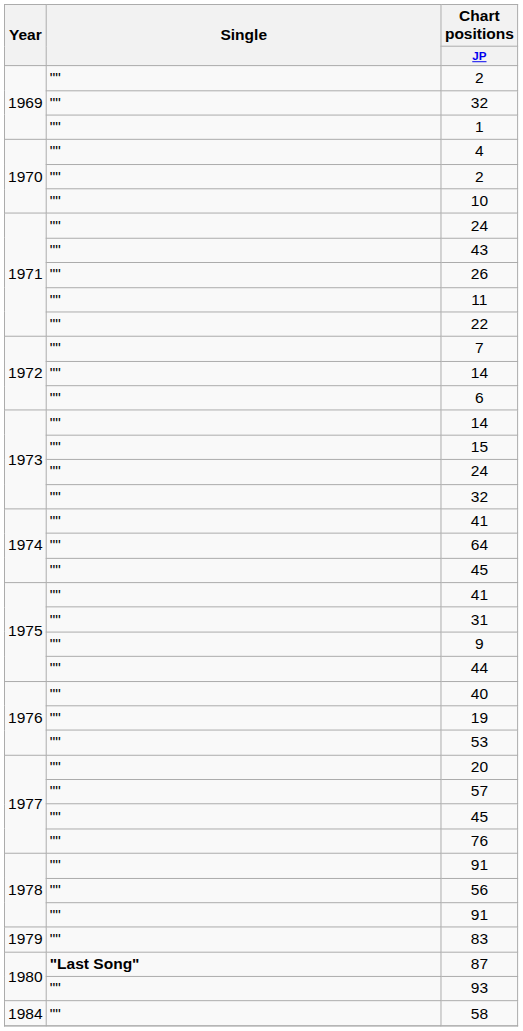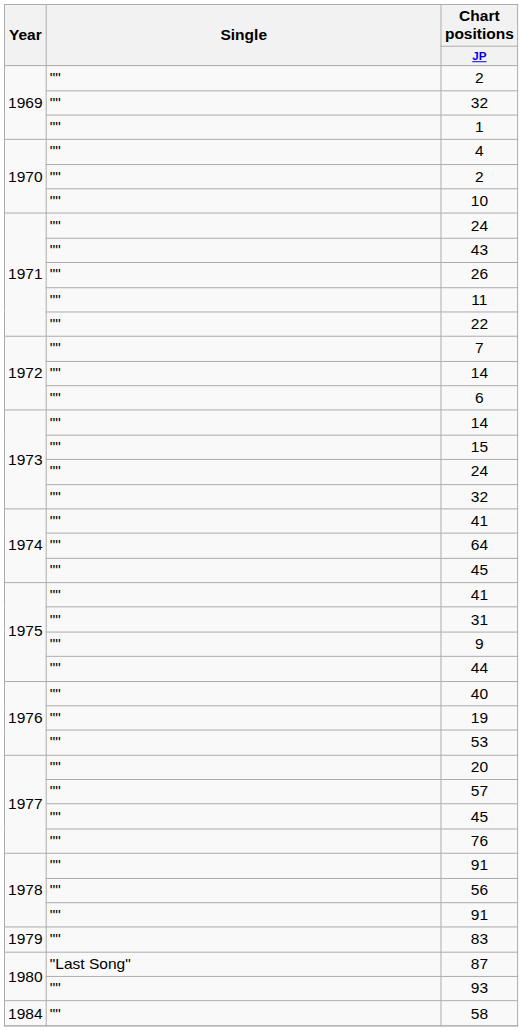 <table class="wikitable">
 <tr>
 <th rowspan="2">Year</th>
 <th rowspan="2" width="400">Single</th>
 <th colspan="1">Chart positions</th>
 </tr>
 <tr>
 <th style="width:2em;font-size:75%"><a href='#'>JP</a><br></th>
 </tr>
 <tr>
 <td rowspan="3">1969</td>
 <td>""</td>
 <td align="center">2</td>
 </tr>
 <tr>
 <td>""</td>
 <td align="center">32</td>
 </tr>
 <tr>
 <td>""</td>
 <td align="center">1</td>
 </tr>
 <tr>
 <td rowspan="3">1970</td>
 <td>""</td>
 <td align="center">4</td>
 </tr>
 <tr>
 <td>""</td>
 <td align="center">2</td>
 </tr>
 <tr>
 <td>""</td>
 <td align="center">10</td>
 </tr>
 <tr>
 <td rowspan="5">1971</td>
 <td>""</td>
 <td align="center">24</td>
 </tr>
 <tr>
 <td>""</td>
 <td align="center">43</td>
 </tr>
 <tr>
 <td>""</td>
 <td align="center">26</td>
 </tr>
 <tr>
 <td>""</td>
 <td align="center">11</td>
 </tr>
 <tr>
 <td>""</td>
 <td align="center">22</td>
 </tr>
 <tr>
 <td rowspan="3">1972</td>
 <td>""</td>
 <td align="center">7</td>
 </tr>
 <tr>
 <td>""</td>
 <td align="center">14</td>
 </tr>
 <tr>
 <td>""</td>
 <td align="center">6</td>
 </tr>
 <tr>
 <td rowspan="4">1973</td>
 <td>""</td>
 <td align="center">14</td>
 </tr>
 <tr>
 <td>""</td>
 <td align="center">15</td>
 </tr>
 <tr>
 <td>""</td>
 <td align="center">24</td>
 </tr>
 <tr>
 <td>""</td>
 <td align="center">32</td>
 </tr>
 <tr>
 <td rowspan="3">1974</td>
 <td>""</td>
 <td align="center">41</td>
 </tr>
 <tr>
 <td>""</td>
 <td align="center">64</td>
 </tr>
 <tr>
 <td>""</td>
 <td align="center">45</td>
 </tr>
 <tr>
 <td rowspan="4">1975</td>
 <td>""</td>
 <td align="center">41</td>
 </tr>
 <tr>
 <td>""</td>
 <td align="center">31</td>
 </tr>
 <tr>
 <td>""</td>
 <td align="center">9</td>
 </tr>
 <tr>
 <td>""</td>
 <td align="center">44</td>
 </tr>
 <tr>
 <td rowspan="3">1976</td>
 <td>""</td>
 <td align="center">40</td>
 </tr>
 <tr>
 <td>""</td>
 <td align="center">19</td>
 </tr>
 <tr>
 <td>""</td>
 <td align="center">53</td>
 </tr>
 <tr>
 <td rowspan="4">1977</td>
 <td>""</td>
 <td align="center">20</td>
 </tr>
 <tr>
 <td>""</td>
 <td align="center">57</td>
 </tr>
 <tr>
 <td>""</td>
 <td align="center">45</td>
 </tr>
 <tr>
 <td>""</td>
 <td align="center">76</td>
 </tr>
 <tr>
 <td rowspan="3">1978</td>
 <td>""</td>
 <td align="center">91</td>
 </tr>
 <tr>
 <td>""</td>
 <td align="center">56</td>
 </tr>
 <tr>
 <td>""</td>
 <td align="center">91</td>
 </tr>
 <tr>
 <td>1979</td>
 <td>""</td>
 <td align="center">83</td>
 </tr>
 <tr>
 <td rowspan="2">1980</td>
-<td><strong>"Last Song"</strong></td>
+<td>"Last Song"</td>
 <td align="center">87</td>
 </tr>
 <tr>
 <td>""</td>
 <td align="center">93</td>
 </tr>
 <tr>
 <td>1984</td>
 <td>""</td>
 <td align="center">58</td>
 </tr>
 <tr>
 </tr>
 </table>
